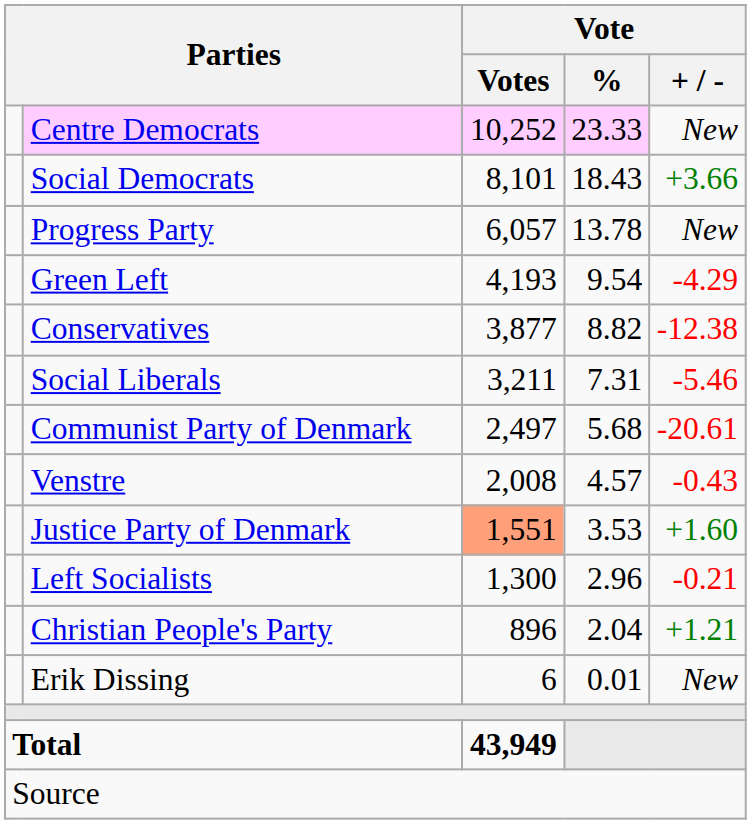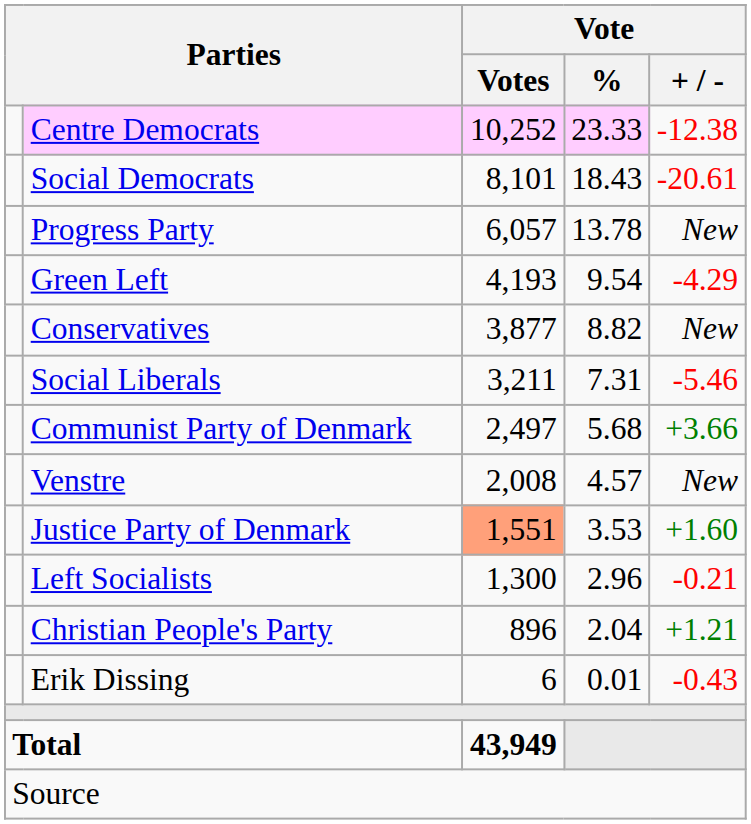 <table class="wikitable" style="text-align:right;">
 <tr>
 <th style="text-align:centre;" rowspan="2" colspan="2" width="225">Parties</th>
 <th colspan="3">Vote</th>
 </tr>
 <tr>
 <th width="15">Votes</th>
 <th width="15">%</th>
 <th width="15">+ / -</th>
 </tr>
 <tr>
 <td width="2" style="color:inherit;background:"></td>
 <td bgcolor=#ffcdff  align="left"><a href='#'>Centre Democrats</a></td>
 <td bgcolor=#ffcdff>10,252</td>
 <td bgcolor=#ffcdff>23.33</td>
-<td><em>New</em></td>
+<td style=color:red;>-12.38</td>
 </tr>
 <tr>
 <td width="2" style="color:inherit;background:"></td>
 <td align="left"><a href='#'>Social Democrats</a></td>
 <td>8,101</td>
 <td>18.43</td>
-<td style=color:green;>+3.66</td>
+<td style=color:red;>-20.61</td>
 </tr>
 <tr>
 <td width="2" style="color:inherit;background:"></td>
 <td align="left"><a href='#'>Progress Party</a></td>
 <td>6,057</td>
 <td>13.78</td>
 <td><em>New</em></td>
 </tr>
 <tr>
 <td width="2" style="color:inherit;background:"></td>
 <td align="left"><a href='#'>Green Left</a></td>
 <td>4,193</td>
 <td>9.54</td>
 <td style=color:red;>-4.29</td>
 </tr>
 <tr>
 <td width="2" style="color:inherit;background:"></td>
 <td align="left"><a href='#'>Conservatives</a></td>
 <td>3,877</td>
 <td>8.82</td>
-<td style=color:red;>-12.38</td>
+<td><em>New</em></td>
 </tr>
 <tr>
 <td width="2" style="color:inherit;background:"></td>
 <td align="left"><a href='#'>Social Liberals</a></td>
 <td>3,211</td>
 <td>7.31</td>
 <td style=color:red;>-5.46</td>
 </tr>
 <tr>
 <td width="2" style="color:inherit;background:"></td>
 <td align="left"><a href='#'>Communist Party of Denmark</a></td>
 <td>2,497</td>
 <td>5.68</td>
-<td style=color:red;>-20.61</td>
+<td style=color:green;>+3.66</td>
 </tr>
 <tr>
 <td width="2" style="color:inherit;background:"></td>
 <td align="left"><a href='#'>Venstre</a></td>
 <td>2,008</td>
 <td>4.57</td>
-<td style=color:red;>-0.43</td>
+<td><em>New</em></td>
 </tr>
 <tr>
 <td width="2" style="color:inherit;background:"></td>
 <td align="left"><a href='#'>Justice Party of Denmark</a></td>
 <td style="background: lightsalmon;">1,551</td>
 <td>3.53</td>
 <td style=color:green;>+1.60</td>
 </tr>
 <tr>
 <td width="2" style="color:inherit;background:"></td>
 <td align="left"><a href='#'>Left Socialists</a></td>
 <td>1,300</td>
 <td>2.96</td>
 <td style=color:red;>-0.21</td>
 </tr>
 <tr>
 <td width="2" style="color:inherit;background:"></td>
 <td align="left"><a href='#'>Christian People's Party</a></td>
 <td>896</td>
 <td>2.04</td>
 <td style=color:green;>+1.21</td>
 </tr>
 <tr>
 <td width="2" style="color:inherit;background:"></td>
 <td align="left">Erik Dissing</td>
 <td>6</td>
 <td>0.01</td>
-<td><em>New</em></td>
+<td style=color:red;>-0.43</td>
 </tr>
 <tr>
 <td colspan="7" bgcolor="#E9E9E9"></td>
 </tr>
 <tr>
 <td align="left" colspan="2"><strong>Total</strong></td>
 <td><strong>43,949</strong></td>
 <td bgcolor="#E9E9E9" colspan="2"></td>
 </tr>
 <tr>
 <td align="left" colspan="6">Source</td>
 </tr>
 </table>
